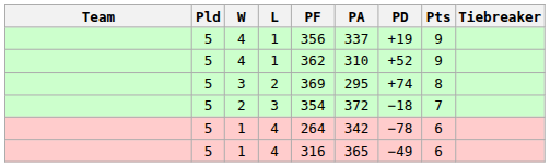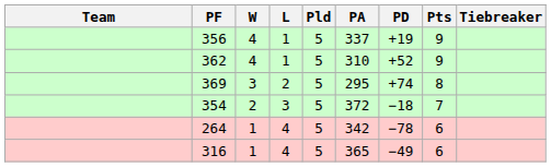 <table class="wikitable" style="text-align:center;">
 <tr>
 <th width=170>Team</th>
-<th width=25>Pld</th>
+<th width=35>PF</th>
 <th width=25>W</th>
 <th width=25>L</th>
-<th width=35>PF</th>
+<th width=25>Pld</th>
 <th width=35>PA</th>
 <th width=35>PD</th>
 <th width=25>Pts</th>
 <th width=50>Tiebreaker</th>
 </tr>
 <tr bgcolor=ccffcc>
 <td align="left"></td>
-<td>5</td>
+<td>356</td>
 <td>4</td>
 <td>1</td>
-<td>356</td>
+<td>5</td>
 <td>337</td>
 <td>+19</td>
 <td>9</td>
 <td></td>
 </tr>
 <tr bgcolor=ccffcc>
 <td align="left"></td>
-<td>5</td>
+<td>362</td>
 <td>4</td>
 <td>1</td>
-<td>362</td>
+<td>5</td>
 <td>310</td>
 <td>+52</td>
 <td>9</td>
 <td></td>
 </tr>
 <tr bgcolor=ccffcc>
 <td align="left"></td>
-<td>5</td>
+<td>369</td>
 <td>3</td>
 <td>2</td>
-<td>369</td>
+<td>5</td>
 <td>295</td>
 <td>+74</td>
 <td>8</td>
 <td></td>
 </tr>
 <tr bgcolor=ccffcc>
 <td align="left"></td>
-<td>5</td>
+<td>354</td>
 <td>2</td>
 <td>3</td>
-<td>354</td>
+<td>5</td>
 <td>372</td>
 <td>−18</td>
 <td>7</td>
 <td></td>
 </tr>
 <tr bgcolor=ffcccc>
 <td align="left"></td>
-<td>5</td>
+<td>264</td>
 <td>1</td>
 <td>4</td>
-<td>264</td>
+<td>5</td>
 <td>342</td>
 <td>−78</td>
 <td>6</td>
 <td></td>
 </tr>
 <tr bgcolor=ffcccc>
 <td align="left"></td>
-<td>5</td>
+<td>316</td>
 <td>1</td>
 <td>4</td>
-<td>316</td>
+<td>5</td>
 <td>365</td>
 <td>−49</td>
 <td>6</td>
 <td></td>
 </tr>
 </table>
